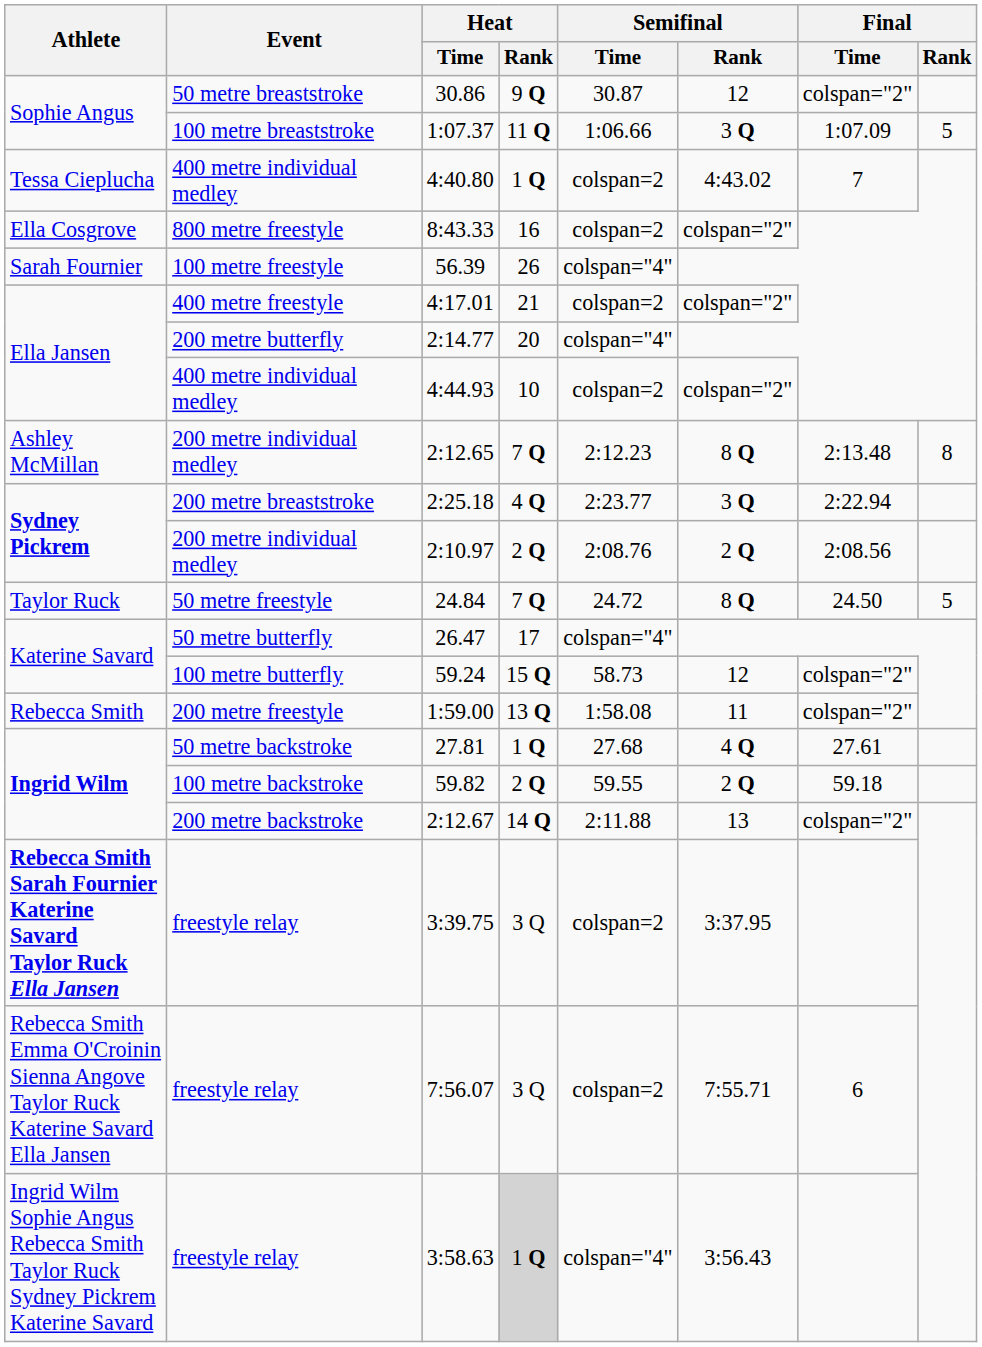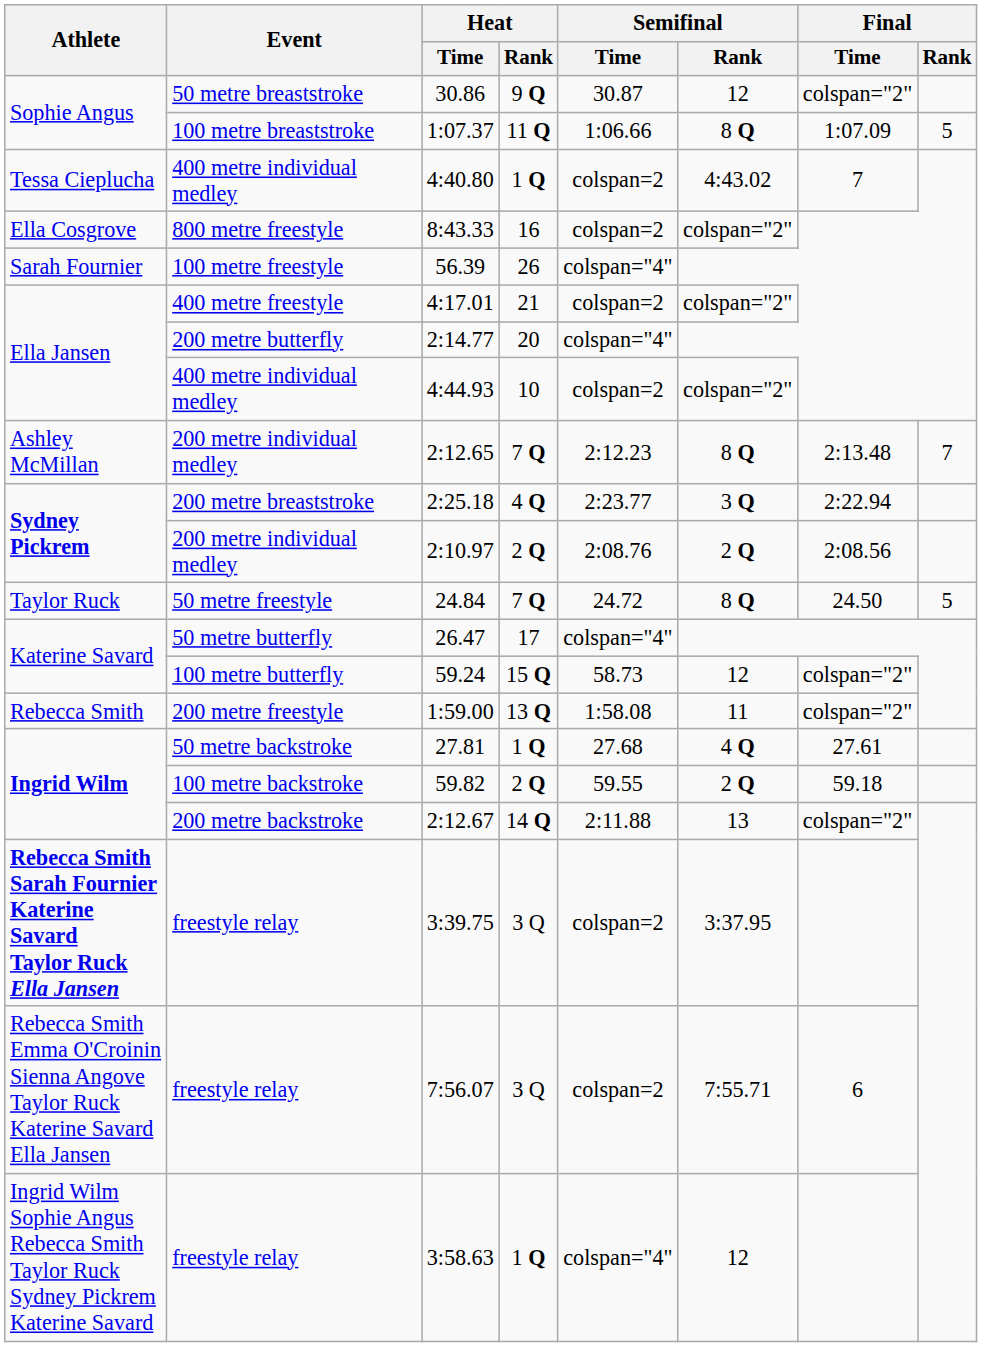 <table class="wikitable" style="text-align:center; font-size:90%; width:50%;">
 <tr>
 <th rowspan="2">Athlete</th>
 <th rowspan="2">Event</th>
 <th colspan="2">Heat</th>
 <th colspan="2">Semifinal</th>
 <th colspan="2">Final</th>
 </tr>
 <tr style="font-size:95%">
 <th>Time</th>
 <th>Rank</th>
 <th>Time</th>
 <th>Rank</th>
 <th>Time</th>
 <th>Rank</th>
 </tr>
 <tr>
 <td align=left rowspan=2><a href='#'>Sophie Angus</a></td>
 <td align=left><a href='#'>50 metre breaststroke</a></td>
 <td>30.86</td>
 <td>9 <strong>Q</strong></td>
 <td>30.87</td>
 <td>12</td>
 <td>colspan="2" </td>
 </tr>
 <tr>
 <td align=left><a href='#'>100 metre breaststroke</a></td>
 <td>1:07.37</td>
 <td>11 <strong>Q</strong></td>
 <td>1:06.66</td>
-<td>3 <strong>Q</strong></td>
+<td>8 <strong>Q</strong></td>
 <td>1:07.09</td>
 <td>5</td>
 </tr>
 <tr align=center>
 <td align=left><a href='#'>Tessa Cieplucha</a></td>
 <td align=left><a href='#'>400 metre individual medley</a></td>
 <td>4:40.80</td>
 <td>1 <strong>Q</strong></td>
 <td>colspan=2 </td>
 <td>4:43.02</td>
 <td>7</td>
 </tr>
 <tr>
 <td align=left><a href='#'>Ella Cosgrove</a></td>
 <td align=left><a href='#'>800 metre freestyle</a></td>
 <td>8:43.33</td>
 <td>16</td>
 <td>colspan=2 </td>
 <td>colspan="2" </td>
 </tr>
 <tr>
 <td align=left><a href='#'>Sarah Fournier</a></td>
 <td align=left><a href='#'>100 metre freestyle</a></td>
 <td>56.39</td>
 <td>26</td>
 <td>colspan="4" </td>
 </tr>
 <tr>
 <td align=left rowspan=3><a href='#'>Ella Jansen</a></td>
 <td align=left><a href='#'>400 metre freestyle</a></td>
 <td>4:17.01</td>
 <td>21</td>
 <td>colspan=2 </td>
 <td>colspan="2" </td>
 </tr>
 <tr>
 <td align=left><a href='#'>200 metre butterfly</a></td>
 <td>2:14.77</td>
 <td>20</td>
 <td>colspan="4" </td>
 </tr>
 <tr>
 <td align=left><a href='#'>400 metre individual medley</a></td>
 <td>4:44.93</td>
 <td>10</td>
 <td>colspan=2 </td>
 <td>colspan="2" </td>
 </tr>
 <tr>
 <td align=left><a href='#'>Ashley McMillan</a></td>
 <td align=left><a href='#'>200 metre individual medley</a></td>
 <td>2:12.65</td>
 <td>7 <strong>Q</strong></td>
 <td>2:12.23</td>
 <td>8 <strong>Q</strong></td>
 <td>2:13.48</td>
-<td>8</td>
+<td>7</td>
 </tr>
 <tr>
 <td align=left rowspan=2><strong><a href='#'>Sydney Pickrem</a></strong></td>
 <td align=left><a href='#'>200 metre breaststroke</a></td>
 <td>2:25.18</td>
 <td>4 <strong>Q</strong></td>
 <td>2:23.77</td>
 <td>3 <strong>Q</strong></td>
 <td>2:22.94</td>
 <td></td>
 </tr>
 <tr>
 <td align=left><a href='#'>200 metre individual medley</a></td>
 <td>2:10.97</td>
 <td>2 <strong>Q</strong></td>
 <td>2:08.76</td>
 <td>2 <strong>Q</strong></td>
 <td>2:08.56</td>
 <td></td>
 </tr>
 <tr>
 <td align=left><a href='#'>Taylor Ruck</a></td>
 <td align=left><a href='#'>50 metre freestyle</a></td>
 <td>24.84</td>
 <td>7 <strong>Q</strong></td>
 <td>24.72</td>
 <td>8 <strong>Q</strong></td>
 <td>24.50</td>
 <td>5</td>
 </tr>
 <tr>
 <td align=left rowspan=2><a href='#'>Katerine Savard</a></td>
 <td align=left><a href='#'>50 metre butterfly</a></td>
 <td>26.47</td>
 <td>17</td>
 <td>colspan="4" </td>
 </tr>
 <tr>
 <td align=left><a href='#'>100 metre butterfly</a></td>
 <td>59.24</td>
 <td>15 <strong>Q</strong></td>
 <td>58.73</td>
 <td>12</td>
 <td>colspan="2" </td>
 </tr>
 <tr>
 <td align=left><a href='#'>Rebecca Smith</a></td>
 <td align=left><a href='#'>200 metre freestyle</a></td>
 <td>1:59.00</td>
 <td>13 <strong>Q</strong></td>
 <td>1:58.08</td>
 <td>11</td>
 <td>colspan="2" </td>
 </tr>
 <tr>
 <td align=left rowspan=3><strong><a href='#'>Ingrid Wilm</a></strong></td>
 <td align=left><a href='#'>50 metre backstroke</a></td>
 <td>27.81</td>
 <td>1 <strong>Q</strong></td>
 <td>27.68</td>
 <td>4 <strong>Q</strong></td>
 <td>27.61</td>
 <td></td>
 </tr>
 <tr>
 <td align=left><a href='#'>100 metre backstroke</a></td>
 <td>59.82</td>
 <td>2 <strong>Q</strong></td>
 <td>59.55</td>
 <td>2 <strong>Q</strong></td>
 <td>59.18</td>
 <td></td>
 </tr>
 <tr>
 <td align=left><a href='#'>200 metre backstroke</a></td>
 <td>2:12.67</td>
 <td>14 <strong>Q</strong></td>
 <td>2:11.88</td>
 <td>13</td>
 <td>colspan="2" </td>
 </tr>
 <tr>
 <td align=left><strong><a href='#'>Rebecca Smith</a> <br><a href='#'>Sarah Fournier</a> <br><a href='#'>Katerine Savard</a> <br><a href='#'>Taylor Ruck</a><br><em><a href='#'>Ella Jansen</a><strong><em></td>
 <td align=left><a href='#'> freestyle relay</a></td>
 <td>3:39.75</td>
 <td>3 </strong>Q<strong></td>
 <td>colspan=2 </td>
 <td>3:37.95</td>
 <td></td>
 </tr>
 <tr>
 <td align=left><a href='#'>Rebecca Smith</a><br><a href='#'>Emma O'Croinin</a> <br><a href='#'>Sienna Angove</a> <br><a href='#'>Taylor Ruck</a><br></em><a href='#'>Katerine Savard</a><em><br></em><a href='#'>Ella Jansen</a><em></td>
 <td align=left><a href='#'> freestyle relay</a></td>
 <td>7:56.07</td>
 <td>3 </strong>Q<strong></td>
 <td>colspan=2 </td>
 <td>7:55.71</td>
 <td>6</td>
 </tr>
 <tr>
 <td align=left></strong><a href='#'>Ingrid Wilm</a><br><a href='#'>Sophie Angus</a><br><a href='#'>Rebecca Smith</a> <br><a href='#'>Taylor Ruck</a><br></em><a href='#'>Sydney Pickrem</a><em><br></em><a href='#'>Katerine Savard</a></em></strong></td>
 <td align=left><a href='#'> freestyle relay</a></td>
 <td>3:58.63</td>
-<td style="background: lightgrey;">1 <strong>Q</strong></td>
+<td>1 <strong>Q</strong></td>
 <td>colspan="4" </td>
-<td>3:56.43</td>
+<td>12</td>
 <td></td>
 </tr>
 </table>
